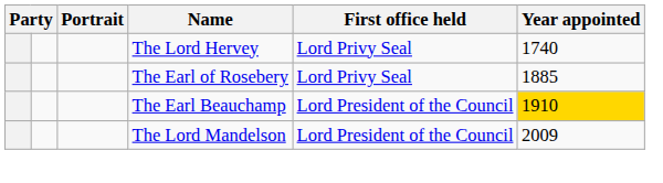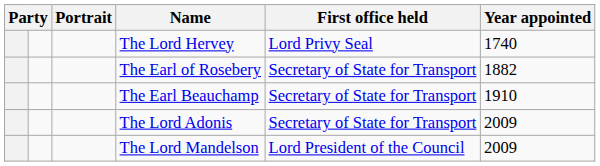 <table class="wikitable sortable">
 <tr>
 <th colspan=2>Party</th>
 <th>Portrait</th>
 <th>Name</th>
 <th>First office held</th>
 <th>Year appointed</th>
 </tr>
 <tr>
 <th style="background-color: "></th>
 <td></td>
 <td></td>
 <td><a href='#'>The Lord Hervey</a></td>
 <td><a href='#'>Lord Privy Seal</a></td>
 <td>1740</td>
 </tr>
 <tr>
 <th style="background-color: "></th>
 <td></td>
 <td></td>
 <td><a href='#'>The Earl of Rosebery</a></td>
-<td><a href='#'>Lord Privy Seal</a></td>
-<td>1885</td>
+<td><a href='#'>Secretary of State for Transport</a></td>
+<td>1882</td>
 </tr>
 <tr>
 <th style="background-color: "></th>
 <td></td>
 <td></td>
 <td><a href='#'>The Earl Beauchamp</a></td>
-<td><a href='#'>Lord President of the Council</a></td>
-<td style="background: gold;">1910</td>
+<td><a href='#'>Secretary of State for Transport</a></td>
+<td>1910</td>
+</tr>
+<tr>
+<th style="background-color: "></th>
+<td></td>
+<td></td>
+<td><a href='#'>The Lord Adonis</a></td>
+<td><a href='#'>Secretary of State for Transport</a></td>
+<td>2009</td>
 </tr>
 <tr>
 <th style="background-color: "></th>
 <td></td>
 <td></td>
 <td><a href='#'>The Lord Mandelson</a></td>
 <td><a href='#'>Lord President of the Council</a></td>
 <td>2009</td>
 </tr>
 </table>
